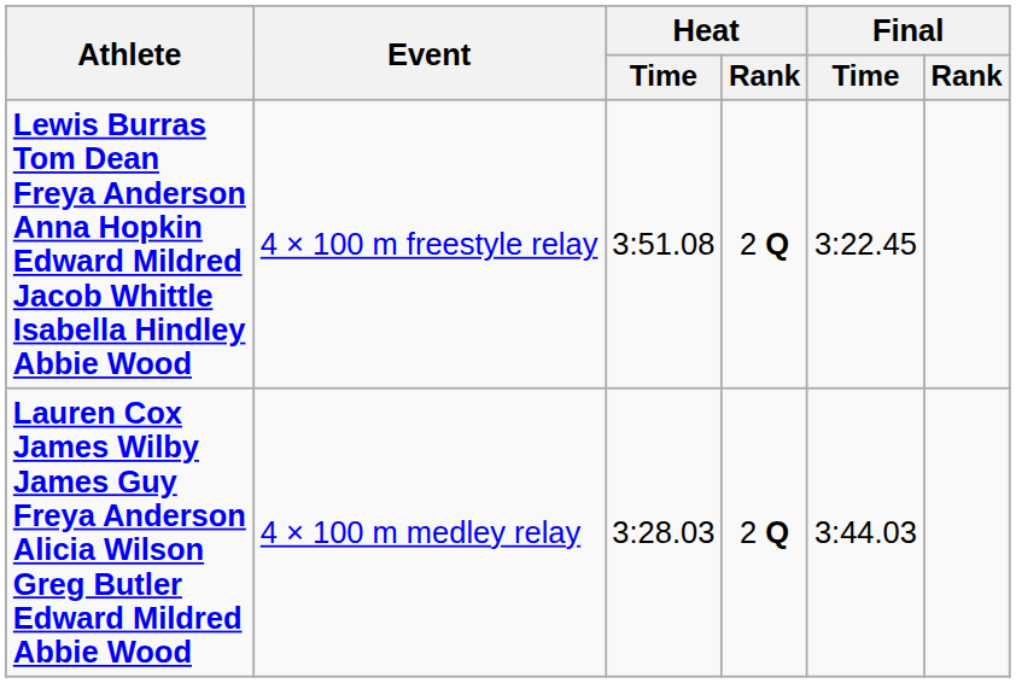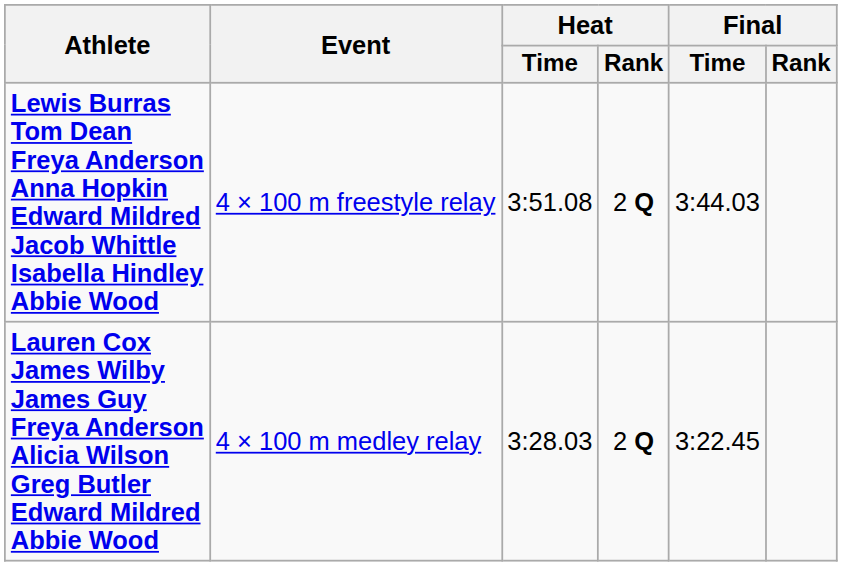 <table class=wikitable style=font-size:90%>
 <tr>
 <th rowspan=2>Athlete</th>
 <th rowspan=2>Event</th>
 <th colspan=2>Heat</th>
 <th colspan=2>Final</th>
 </tr>
 <tr style=font-size:95%>
 <th>Time</th>
 <th>Rank</th>
 <th>Time</th>
 <th>Rank</th>
 </tr>
 <tr align=center>
 <td align=left><strong><a href='#'>Lewis Burras</a></strong><br><strong><a href='#'>Tom Dean</a></strong><br><strong><a href='#'>Freya Anderson</a></strong><br><strong><a href='#'>Anna Hopkin</a></strong><br><strong><a href='#'>Edward Mildred</a></strong><br><strong><a href='#'>Jacob Whittle</a></strong><br><strong><a href='#'>Isabella Hindley</a></strong><br><strong><a href='#'>Abbie Wood</a></strong></td>
 <td align=left><a href='#'>4 × 100 m freestyle relay</a></td>
 <td>3:51.08</td>
 <td>2 <strong>Q</strong></td>
-<td>3:22.45</td>
+<td>3:44.03</td>
 <td></td>
 </tr>
 <tr align=center>
 <td align=left><strong><a href='#'>Lauren Cox</a></strong><br><strong><a href='#'>James Wilby</a></strong><br><strong><a href='#'>James Guy</a></strong><br><strong><a href='#'>Freya Anderson</a></strong><br><strong><a href='#'>Alicia Wilson</a></strong><br><strong><a href='#'>Greg Butler</a></strong><br><strong><a href='#'>Edward Mildred</a></strong><br><strong><a href='#'>Abbie Wood</a></strong></td>
 <td align=left><a href='#'>4 × 100 m medley relay</a></td>
 <td>3:28.03</td>
 <td>2 <strong>Q</strong></td>
-<td>3:44.03</td>
+<td>3:22.45</td>
 <td></td>
 </tr>
 </table>
